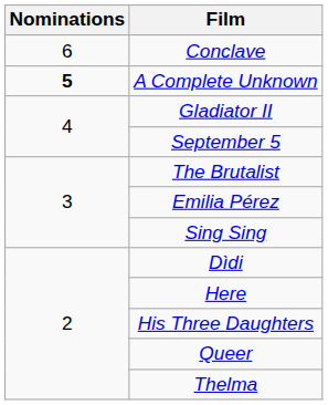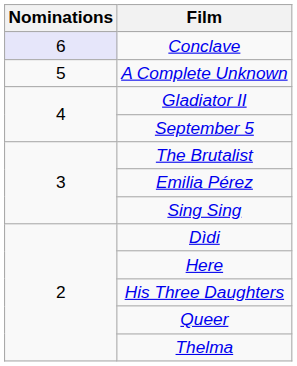 <table class="wikitable plainrowheaders" style="text-align:center;">
 <tr>
 <th scope="col" style="width:55px;">Nominations</th>
 <th scope="col" style="text-align:center;">Film</th>
 </tr>
 <tr>
-<td scope="row" style="text-align:center;">6</td>
+<td scope="row" style="background: lavender; text-align:center;">6</td>
 <td><em><a href='#'>Conclave</a></em></td>
 </tr>
 <tr>
-<td scope="row" style="text-align:center;"><strong>5</strong></td>
+<td scope="row" style="text-align:center;">5</td>
 <td><em><a href='#'>A Complete Unknown</a></em></td>
 </tr>
 <tr>
 <td scope="row" rowspan="2" style="text-align:center;">4</td>
 <td><em><a href='#'>Gladiator II</a></em></td>
 </tr>
 <tr>
 <td><em><a href='#'>September 5</a></em></td>
 </tr>
 <tr>
 <td scope="row" rowspan="3" style="text-align:center;">3</td>
 <td><em><a href='#'>The Brutalist</a></em></td>
 </tr>
 <tr>
 <td><em><a href='#'>Emilia Pérez</a></em></td>
 </tr>
 <tr>
 <td><em><a href='#'>Sing Sing</a></em></td>
 </tr>
 <tr>
 <td scope="row" rowspan="5" style="text-align:center;">2</td>
 <td><em><a href='#'>Dìdi</a></em></td>
 </tr>
 <tr>
 <td><em><a href='#'>Here</a></em></td>
 </tr>
 <tr>
 <td><em><a href='#'>His Three Daughters</a></em></td>
 </tr>
 <tr>
 <td><em><a href='#'>Queer</a></em></td>
 </tr>
 <tr>
 <td><em><a href='#'>Thelma</a></em></td>
 </tr>
 </table>
